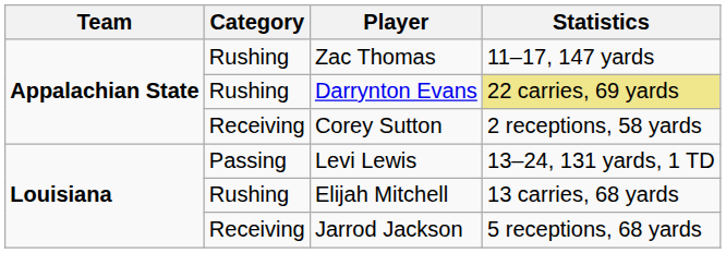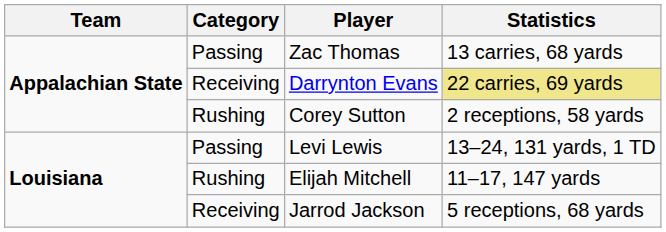 <table class="wikitable" style="float: left;">
 <tr>
 <th>Team</th>
 <th>Category</th>
 <th>Player</th>
 <th>Statistics</th>
 </tr>
 <tr>
 <td rowspan=3><strong>Appalachian State</strong></td>
-<td>Rushing</td>
+<td>Passing</td>
 <td>Zac Thomas</td>
-<td>11–17, 147 yards</td>
+<td>13 carries, 68 yards</td>
 </tr>
 <tr>
-<td>Rushing</td>
+<td>Receiving</td>
 <td><a href='#'>Darrynton Evans</a></td>
 <td style="background: khaki;">22 carries, 69 yards</td>
 </tr>
 <tr>
-<td>Receiving</td>
+<td>Rushing</td>
 <td>Corey Sutton</td>
 <td>2 receptions, 58 yards</td>
 </tr>
 <tr>
 <td rowspan=3><strong>Louisiana</strong></td>
 <td>Passing</td>
 <td>Levi Lewis</td>
 <td>13–24, 131 yards, 1 TD</td>
 </tr>
 <tr>
 <td>Rushing</td>
 <td>Elijah Mitchell</td>
-<td>13 carries, 68 yards</td>
+<td>11–17, 147 yards</td>
 </tr>
 <tr>
 <td>Receiving</td>
 <td>Jarrod Jackson</td>
 <td>5 receptions, 68 yards</td>
 </tr>
 </table>
